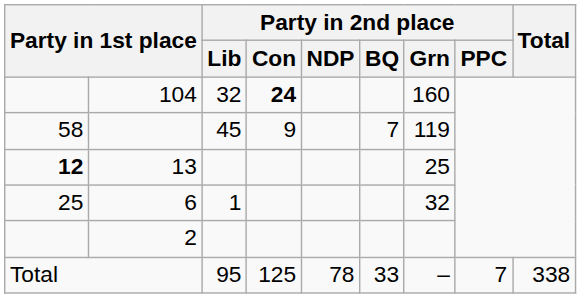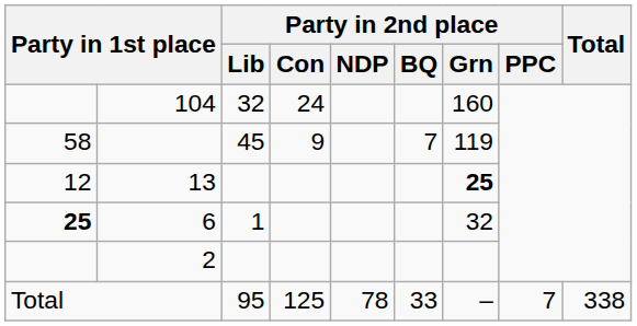 <table class="wikitable" style="text-align:right;">
 <tr>
 <th rowspan="2" colspan="2" style="text-align:left;">Party in 1st place</th>
 <th colspan="6">Party in 2nd place</th>
 <th rowspan="2">Total</th>
 </tr>
 <tr>
 <th>Lib</th>
 <th>Con</th>
 <th>NDP</th>
 <th>BQ</th>
 <th>Grn</th>
 <th>PPC</th>
 </tr>
 <tr>
 <td></td>
 <td>104</td>
 <td>32</td>
-<td><strong>24</strong></td>
+<td>24</td>
 <td></td>
 <td></td>
 <td>160</td>
 </tr>
 <tr>
 <td>58</td>
 <td></td>
 <td>45</td>
 <td>9</td>
 <td></td>
 <td>7</td>
 <td>119</td>
 </tr>
 <tr>
-<td><strong>12</strong></td>
+<td>12</td>
 <td>13</td>
 <td></td>
 <td></td>
 <td></td>
 <td></td>
-<td>25</td>
+<td><strong>25</strong></td>
 </tr>
 <tr>
-<td>25</td>
+<td><strong>25</strong></td>
 <td>6</td>
 <td>1</td>
 <td></td>
 <td></td>
 <td></td>
 <td>32</td>
 </tr>
 <tr>
 <td></td>
 <td>2</td>
 <td></td>
 <td></td>
 <td></td>
 <td></td>
 <td></td>
 </tr>
 <tr>
 <td colspan="2" style="text-align:left;">Total</td>
 <td>95</td>
 <td>125</td>
 <td>78</td>
 <td>33</td>
 <td>–</td>
 <td>7</td>
 <td>338</td>
 </tr>
 </table>
